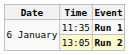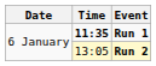 <table class=wikitable>
 <tr>
 <th>Date</th>
 <th>Time</th>
 <th>Event</th>
 </tr>
 <tr>
 <td rowspan=2>6 January</td>
-<td>11:35</td>
+<td><strong>11:35</strong></td>
 <td><strong>Run 1</strong></td>
 </tr>
 <tr style=background:lemonchiffon>
 <td>13:05</td>
 <td><strong>Run 2</strong></td>
 </tr>
 </table>
